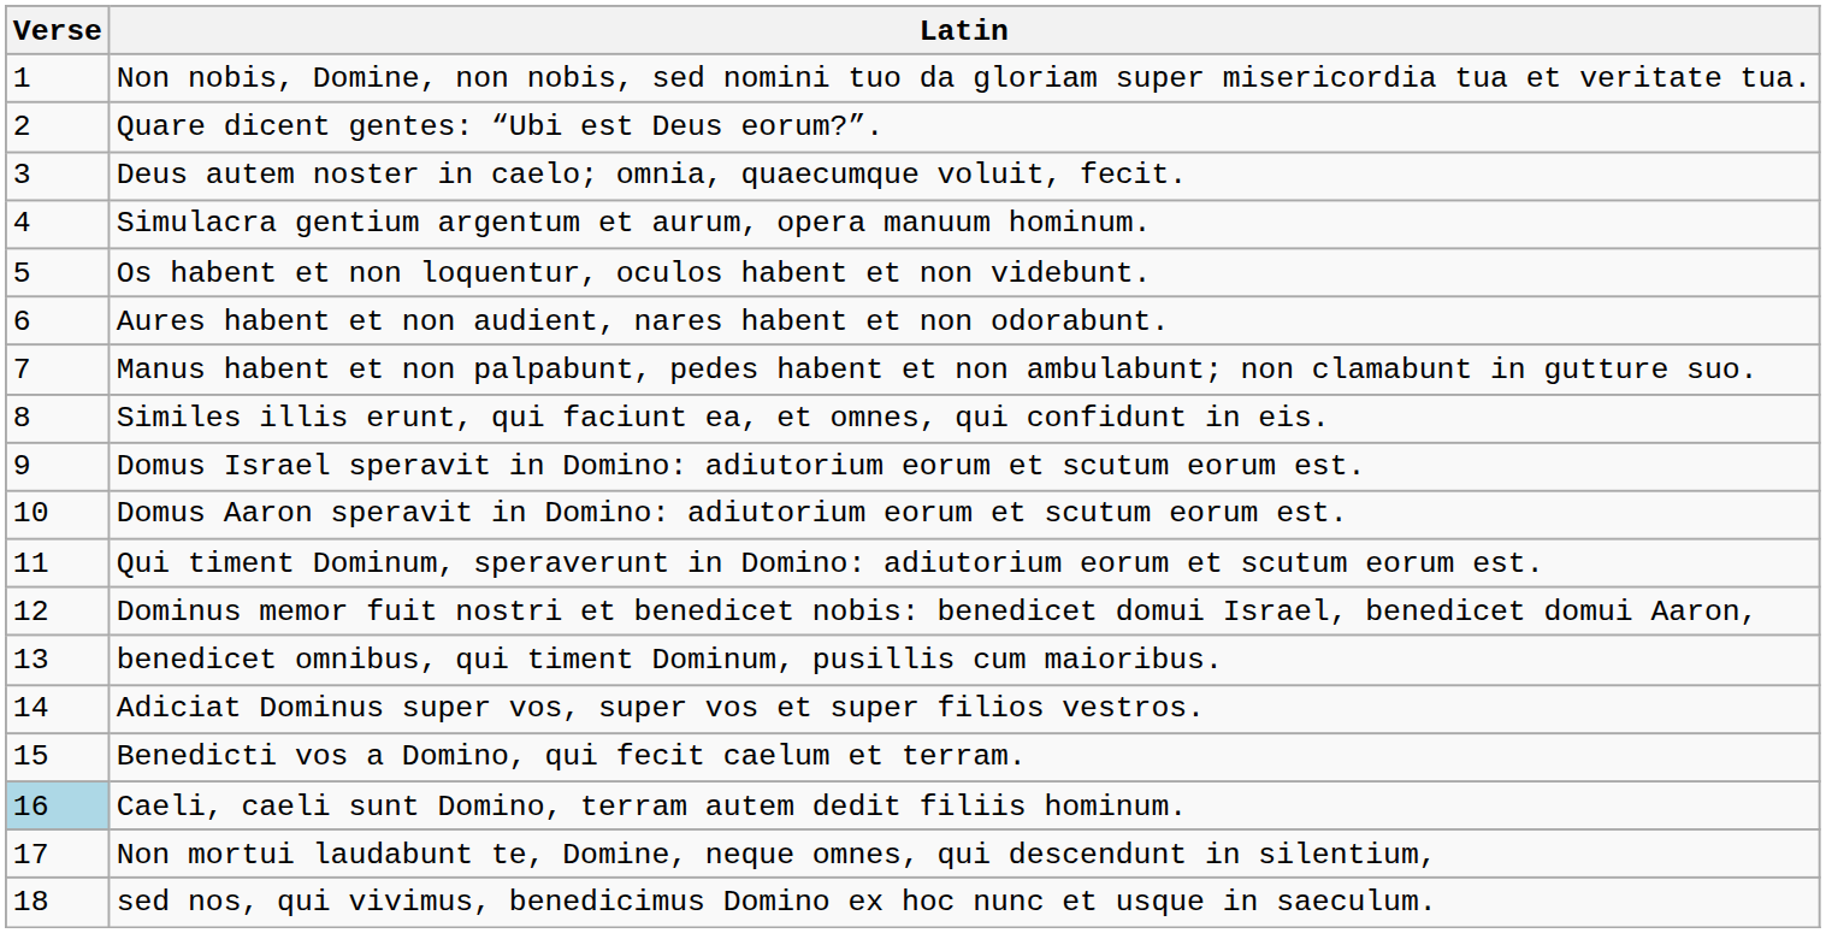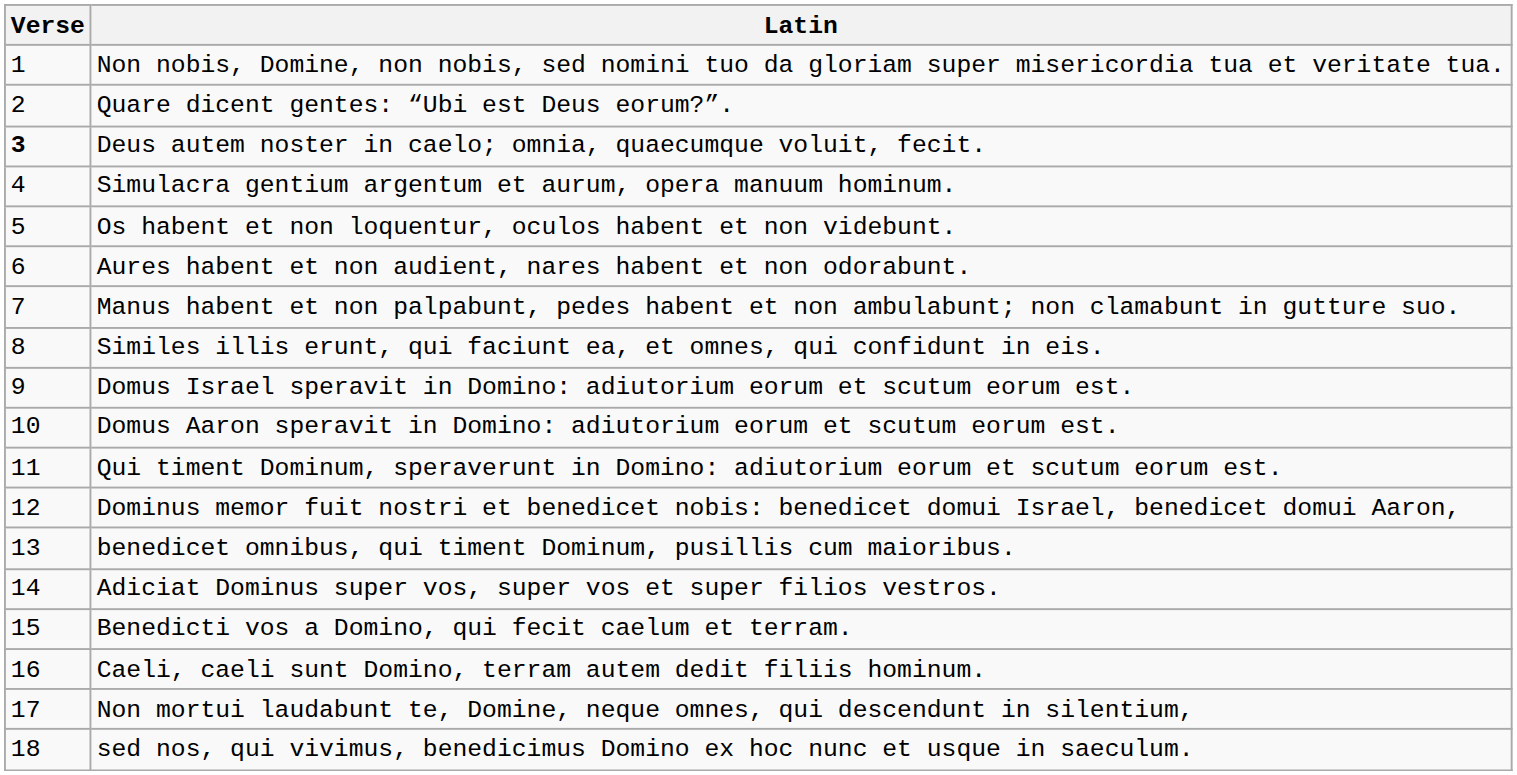 <table class="wikitable">
 <tr>
 <th>Verse</th>
 <th>Latin</th>
 </tr>
 <tr>
 <td style="text-align:left">1</td>
 <td style="text-align:left">Non nobis, Domine, non nobis, sed nomini tuo da gloriam super misericordia tua et veritate tua.</td>
 </tr>
 <tr>
 <td style="text-align:left">2</td>
 <td style="text-align:left">Quare dicent gentes: “Ubi est Deus eorum?”.</td>
 </tr>
 <tr>
-<td style="text-align:left">3</td>
+<td style="text-align:left"><strong>3</strong></td>
 <td style="text-align:left">Deus autem noster in caelo; omnia, quaecumque voluit, fecit.</td>
 </tr>
 <tr>
 <td style="text-align:left">4</td>
 <td style="text-align:left">Simulacra gentium argentum et aurum, opera manuum hominum.</td>
 </tr>
 <tr>
 <td style="text-align:left">5</td>
 <td style="text-align:left">Os habent et non loquentur, oculos habent et non videbunt.</td>
 </tr>
 <tr>
 <td style="text-align:left">6</td>
 <td style="text-align:left">Aures habent et non audient, nares habent et non odorabunt.</td>
 </tr>
 <tr>
 <td style="text-align:left">7</td>
 <td style="text-align:left">Manus habent et non palpabunt, pedes habent et non ambulabunt; non clamabunt in gutture suo.</td>
 </tr>
 <tr>
 <td style="text-align:left">8</td>
 <td style="text-align:left">Similes illis erunt, qui faciunt ea, et omnes, qui confidunt in eis.</td>
 </tr>
 <tr>
 <td style="text-align:left">9</td>
 <td style="text-align:left">Domus Israel speravit in Domino: adiutorium eorum et scutum eorum est.</td>
 </tr>
 <tr>
 <td style="text-align:left">10</td>
 <td style="text-align:left">Domus Aaron speravit in Domino: adiutorium eorum et scutum eorum est.</td>
 </tr>
 <tr>
 <td style="text-align:left">11</td>
 <td style="text-align:left">Qui timent Dominum, speraverunt in Domino: adiutorium eorum et scutum eorum est.</td>
 </tr>
 <tr>
 <td style="text-align:left">12</td>
 <td style="text-align:left">Dominus memor fuit nostri et benedicet nobis: benedicet domui Israel, benedicet domui Aaron,</td>
 </tr>
 <tr>
 <td style="text-align:left">13</td>
 <td style="text-align:left">benedicet omnibus, qui timent Dominum, pusillis cum maioribus.</td>
 </tr>
 <tr>
 <td style="text-align:left">14</td>
 <td style="text-align:left">Adiciat Dominus super vos, super vos et super filios vestros.</td>
 </tr>
 <tr>
 <td style="text-align:left">15</td>
 <td style="text-align:left">Benedicti vos a Domino, qui fecit caelum et terram.</td>
 </tr>
 <tr>
-<td style="background: lightblue; text-align:left">16</td>
+<td style="text-align:left">16</td>
 <td style="text-align:left">Caeli, caeli sunt Domino, terram autem dedit filiis hominum.</td>
 </tr>
 <tr>
 <td style="text-align:left">17</td>
 <td style="text-align:left">Non mortui laudabunt te, Domine, neque omnes, qui descendunt in silentium,</td>
 </tr>
 <tr>
 <td style="text-align:left">18</td>
 <td style="text-align:left">sed nos, qui vivimus, benedicimus Domino ex hoc nunc et usque in saeculum.</td>
 </tr>
 <tr>
 </tr>
 </table>
